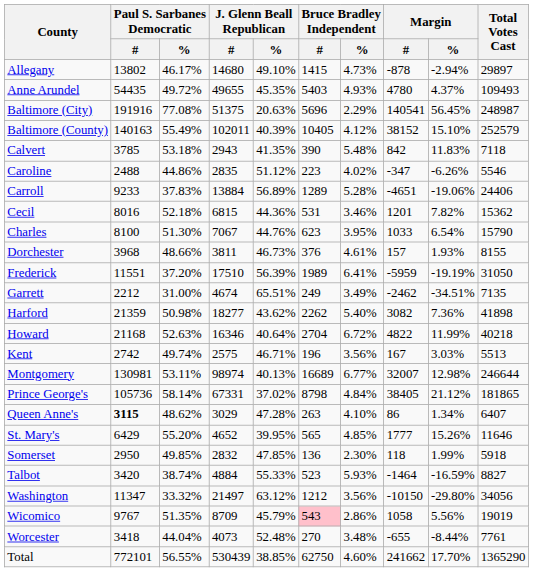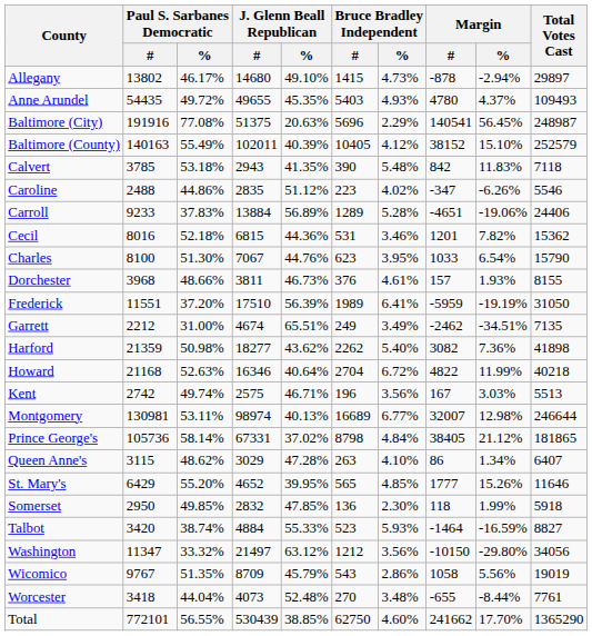 <table class="wikitable sortable">
 <tr>
 <th rowspan="2">County</th>
 <th colspan="2" >Paul S. Sarbanes<br>Democratic</th>
 <th colspan="2" >J. Glenn Beall<br>Republican</th>
 <th colspan="2" >Bruce Bradley<br>Independent</th>
 <th colspan="2">Margin</th>
 <th rowspan="2">Total<br>Votes<br>Cast</th>
 </tr>
 <tr>
 <th>#</th>
 <th>%</th>
 <th>#</th>
 <th>%</th>
 <th>#</th>
 <th>%</th>
 <th>#</th>
 <th>%</th>
 </tr>
 <tr>
 <td><a href='#'>Allegany</a></td>
 <td>13802</td>
 <td>46.17%</td>
 <td>14680</td>
 <td>49.10%</td>
 <td>1415</td>
 <td>4.73%</td>
 <td>-878</td>
 <td>-2.94%</td>
 <td>29897</td>
 </tr>
 <tr>
 <td><a href='#'>Anne Arundel</a></td>
 <td>54435</td>
 <td>49.72%</td>
 <td>49655</td>
 <td>45.35%</td>
 <td>5403</td>
 <td>4.93%</td>
 <td>4780</td>
 <td>4.37%</td>
 <td>109493</td>
 </tr>
 <tr>
 <td><a href='#'>Baltimore (City)</a></td>
 <td>191916</td>
 <td>77.08%</td>
 <td>51375</td>
 <td>20.63%</td>
 <td>5696</td>
 <td>2.29%</td>
 <td>140541</td>
 <td>56.45%</td>
 <td>248987</td>
 </tr>
 <tr>
 <td><a href='#'>Baltimore (County)</a></td>
 <td>140163</td>
 <td>55.49%</td>
 <td>102011</td>
 <td>40.39%</td>
 <td>10405</td>
 <td>4.12%</td>
 <td>38152</td>
 <td>15.10%</td>
 <td>252579</td>
 </tr>
 <tr>
 <td><a href='#'>Calvert</a></td>
 <td>3785</td>
 <td>53.18%</td>
 <td>2943</td>
 <td>41.35%</td>
 <td>390</td>
 <td>5.48%</td>
 <td>842</td>
 <td>11.83%</td>
 <td>7118</td>
 </tr>
 <tr>
 <td><a href='#'>Caroline</a></td>
 <td>2488</td>
 <td>44.86%</td>
 <td>2835</td>
 <td>51.12%</td>
 <td>223</td>
 <td>4.02%</td>
 <td>-347</td>
 <td>-6.26%</td>
 <td>5546</td>
 </tr>
 <tr>
 <td><a href='#'>Carroll</a></td>
 <td>9233</td>
 <td>37.83%</td>
 <td>13884</td>
 <td>56.89%</td>
 <td>1289</td>
 <td>5.28%</td>
 <td>-4651</td>
 <td>-19.06%</td>
 <td>24406</td>
 </tr>
 <tr>
 <td><a href='#'>Cecil</a></td>
 <td>8016</td>
 <td>52.18%</td>
 <td>6815</td>
 <td>44.36%</td>
 <td>531</td>
 <td>3.46%</td>
 <td>1201</td>
 <td>7.82%</td>
 <td>15362</td>
 </tr>
 <tr>
 <td><a href='#'>Charles</a></td>
 <td>8100</td>
 <td>51.30%</td>
 <td>7067</td>
 <td>44.76%</td>
 <td>623</td>
 <td>3.95%</td>
 <td>1033</td>
 <td>6.54%</td>
 <td>15790</td>
 </tr>
 <tr>
 <td><a href='#'>Dorchester</a></td>
 <td>3968</td>
 <td>48.66%</td>
 <td>3811</td>
 <td>46.73%</td>
 <td>376</td>
 <td>4.61%</td>
 <td>157</td>
 <td>1.93%</td>
 <td>8155</td>
 </tr>
 <tr>
 <td><a href='#'>Frederick</a></td>
 <td>11551</td>
 <td>37.20%</td>
 <td>17510</td>
 <td>56.39%</td>
 <td>1989</td>
 <td>6.41%</td>
 <td>-5959</td>
 <td>-19.19%</td>
 <td>31050</td>
 </tr>
 <tr>
 <td><a href='#'>Garrett</a></td>
 <td>2212</td>
 <td>31.00%</td>
 <td>4674</td>
 <td>65.51%</td>
 <td>249</td>
 <td>3.49%</td>
 <td>-2462</td>
 <td>-34.51%</td>
 <td>7135</td>
 </tr>
 <tr>
 <td><a href='#'>Harford</a></td>
 <td>21359</td>
 <td>50.98%</td>
 <td>18277</td>
 <td>43.62%</td>
 <td>2262</td>
 <td>5.40%</td>
 <td>3082</td>
 <td>7.36%</td>
 <td>41898</td>
 </tr>
 <tr>
 <td><a href='#'>Howard</a></td>
 <td>21168</td>
 <td>52.63%</td>
 <td>16346</td>
 <td>40.64%</td>
 <td>2704</td>
 <td>6.72%</td>
 <td>4822</td>
 <td>11.99%</td>
 <td>40218</td>
 </tr>
 <tr>
 <td><a href='#'>Kent</a></td>
 <td>2742</td>
 <td>49.74%</td>
 <td>2575</td>
 <td>46.71%</td>
 <td>196</td>
 <td>3.56%</td>
 <td>167</td>
 <td>3.03%</td>
 <td>5513</td>
 </tr>
 <tr>
 <td><a href='#'>Montgomery</a></td>
 <td>130981</td>
 <td>53.11%</td>
 <td>98974</td>
 <td>40.13%</td>
 <td>16689</td>
 <td>6.77%</td>
 <td>32007</td>
 <td>12.98%</td>
 <td>246644</td>
 </tr>
 <tr>
 <td><a href='#'>Prince George's</a></td>
 <td>105736</td>
 <td>58.14%</td>
 <td>67331</td>
 <td>37.02%</td>
 <td>8798</td>
 <td>4.84%</td>
 <td>38405</td>
 <td>21.12%</td>
 <td>181865</td>
 </tr>
 <tr>
 <td><a href='#'>Queen Anne's</a></td>
-<td><strong>3115</strong></td>
+<td>3115</td>
 <td>48.62%</td>
 <td>3029</td>
 <td>47.28%</td>
 <td>263</td>
 <td>4.10%</td>
 <td>86</td>
 <td>1.34%</td>
 <td>6407</td>
 </tr>
 <tr>
 <td><a href='#'>St. Mary's</a></td>
 <td>6429</td>
 <td>55.20%</td>
 <td>4652</td>
 <td>39.95%</td>
 <td>565</td>
 <td>4.85%</td>
 <td>1777</td>
 <td>15.26%</td>
 <td>11646</td>
 </tr>
 <tr>
 <td><a href='#'>Somerset</a></td>
 <td>2950</td>
 <td>49.85%</td>
 <td>2832</td>
 <td>47.85%</td>
 <td>136</td>
 <td>2.30%</td>
 <td>118</td>
 <td>1.99%</td>
 <td>5918</td>
 </tr>
 <tr>
 <td><a href='#'>Talbot</a></td>
 <td>3420</td>
 <td>38.74%</td>
 <td>4884</td>
 <td>55.33%</td>
 <td>523</td>
 <td>5.93%</td>
 <td>-1464</td>
 <td>-16.59%</td>
 <td>8827</td>
 </tr>
 <tr>
 <td><a href='#'>Washington</a></td>
 <td>11347</td>
 <td>33.32%</td>
 <td>21497</td>
 <td>63.12%</td>
 <td>1212</td>
 <td>3.56%</td>
 <td>-10150</td>
 <td>-29.80%</td>
 <td>34056</td>
 </tr>
 <tr>
 <td><a href='#'>Wicomico</a></td>
 <td>9767</td>
 <td>51.35%</td>
 <td>8709</td>
 <td>45.79%</td>
-<td style="background: pink;">543</td>
+<td>543</td>
 <td>2.86%</td>
 <td>1058</td>
 <td>5.56%</td>
 <td>19019</td>
 </tr>
 <tr>
 <td><a href='#'>Worcester</a></td>
 <td>3418</td>
 <td>44.04%</td>
 <td>4073</td>
 <td>52.48%</td>
 <td>270</td>
 <td>3.48%</td>
 <td>-655</td>
 <td>-8.44%</td>
 <td>7761</td>
 </tr>
 <tr>
 <td>Total</td>
 <td>772101</td>
 <td>56.55%</td>
 <td>530439</td>
 <td>38.85%</td>
 <td>62750</td>
 <td>4.60%</td>
 <td>241662</td>
 <td>17.70%</td>
 <td>1365290</td>
 </tr>
 </table>
